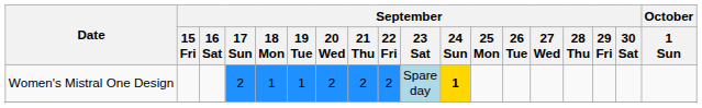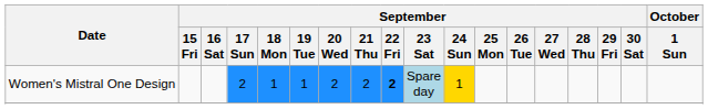 <table class="wikitable" style="margin:0.5em auto; font-size:90%; line-height:1.25em;">
 <tr>
 <th rowspan=2>Date</th>
 <th colspan=16>September</th>
 <th colspan=1>October</th>
 </tr>
 <tr>
 <th>15<br>Fri</th>
 <th>16<br>Sat</th>
 <th>17<br>Sun</th>
 <th>18<br>Mon</th>
 <th>19<br>Tue</th>
 <th>20<br>Wed</th>
 <th>21<br>Thu</th>
 <th>22<br>Fri</th>
 <th>23<br>Sat</th>
 <th>24<br>Sun</th>
 <th>25<br>Mon</th>
 <th>26<br>Tue</th>
 <th>27<br>Wed</th>
 <th>28<br>Thu</th>
 <th>29<br>Fri</th>
 <th>30<br>Sat</th>
 <th>1<br>Sun</th>
 </tr>
 <tr align="center">
 <td align="left">Women's Mistral One Design</td>
 <td></td>
 <td></td>
 <td bgcolor=DodgerBlue><span>2</span></td>
 <td bgcolor=DodgerBlue><span>1</span></td>
 <td bgcolor=DodgerBlue><span>1</span></td>
 <td bgcolor=DodgerBlue><span>2</span></td>
 <td bgcolor=DodgerBlue><span>2</span></td>
-<td bgcolor=DodgerBlue><span>2</span></td>
+<td bgcolor=DodgerBlue><strong><span>2</span></strong></td>
 <td bgcolor=LightBlue>Spare<br>day</td>
-<td bgcolor=Gold><strong><span>1</span></strong></td>
+<td bgcolor=Gold><span>1</span></td>
 <td></td>
 <td></td>
 <td></td>
 <td></td>
 <td></td>
 <td></td>
 <td></td>
 </tr>
 <tr align="center">
 </tr>
 <tr>
 </tr>
 </table>
